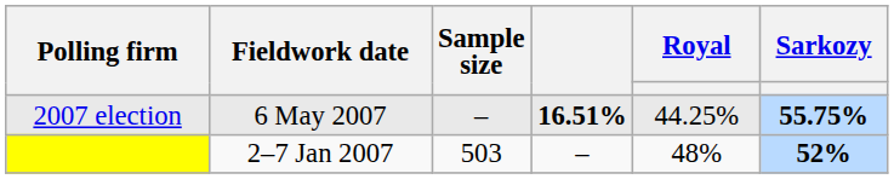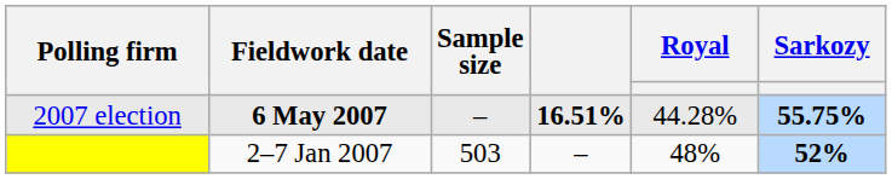 <table class="wikitable sortable" style="text-align:center;font-size:90%;line-height:14px;">
 <tr style="height:40px;">
 <th style="width:100px;" rowspan="2">Polling firm</th>
 <th style="width:110px;" rowspan="2">Fieldwork date</th>
 <th style="width:35px;" rowspan="2">Sample<br>size</th>
 <th style="width:30px;" rowspan="2"></th>
 <th class="unsortable" style="width:60px;"><a href='#'>Royal</a><br></th>
 <th class="unsortable" style="width:60px;"><a href='#'>Sarkozy</a><br></th>
 </tr>
 <tr>
 <th style="background:"></th>
 <th style="background:"></th>
 </tr>
 <tr style="background:#E9E9E9;">
 <td><a href='#'>2007 election</a></td>
-<td data-sort-value="2007-05-06">6 May 2007</td>
+<td data-sort-value="2007-05-06"><strong>6 May 2007</strong></td>
 <td>–</td>
 <td><strong>16.51%</strong></td>
-<td>44.25%</td>
+<td>44.28%</td>
 <td style="background:#B9DAFF;"><strong>55.75%</strong></td>
 </tr>
 <tr>
 <td style="background:yellow;"></td>
 <td data-sort-value="2007-01-07">2–7 Jan 2007</td>
 <td>503</td>
 <td>–</td>
 <td>48%</td>
 <td style="background:#B9DAFF;"><strong>52%</strong></td>
 </tr>
 </table>
